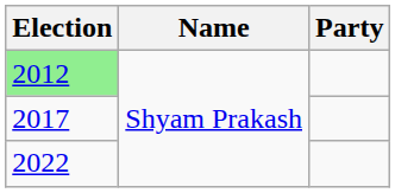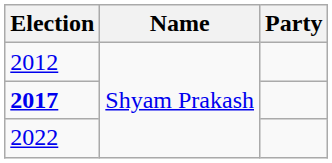 <table class="wikitable sortable">
 <tr>
 <th>Election</th>
 <th>Name</th>
 <th colspan=2>Party</th>
 </tr>
 <tr>
-<td style="background: lightgreen;"><a href='#'>2012</a></td>
+<td><a href='#'>2012</a></td>
 <td rowspan=3><a href='#'>Shyam Prakash</a></td>
 <td></td>
 </tr>
 <tr>
-<td><a href='#'>2017</a></td>
+<td><strong><a href='#'>2017</a></strong></td>
 <td></td>
 </tr>
 <tr>
 <td><a href='#'>2022</a></td>
 </tr>
 </table>
